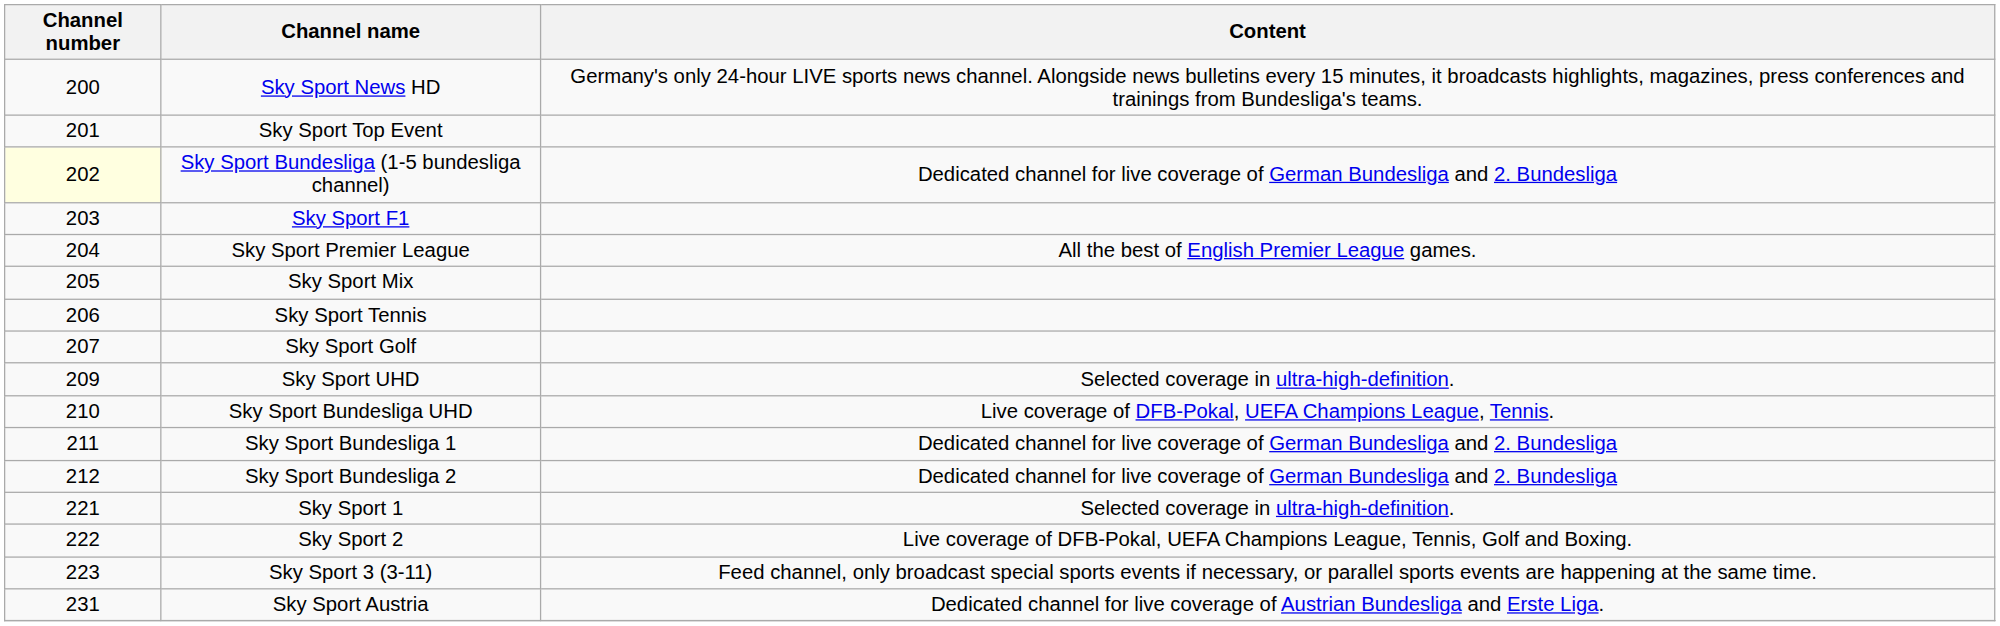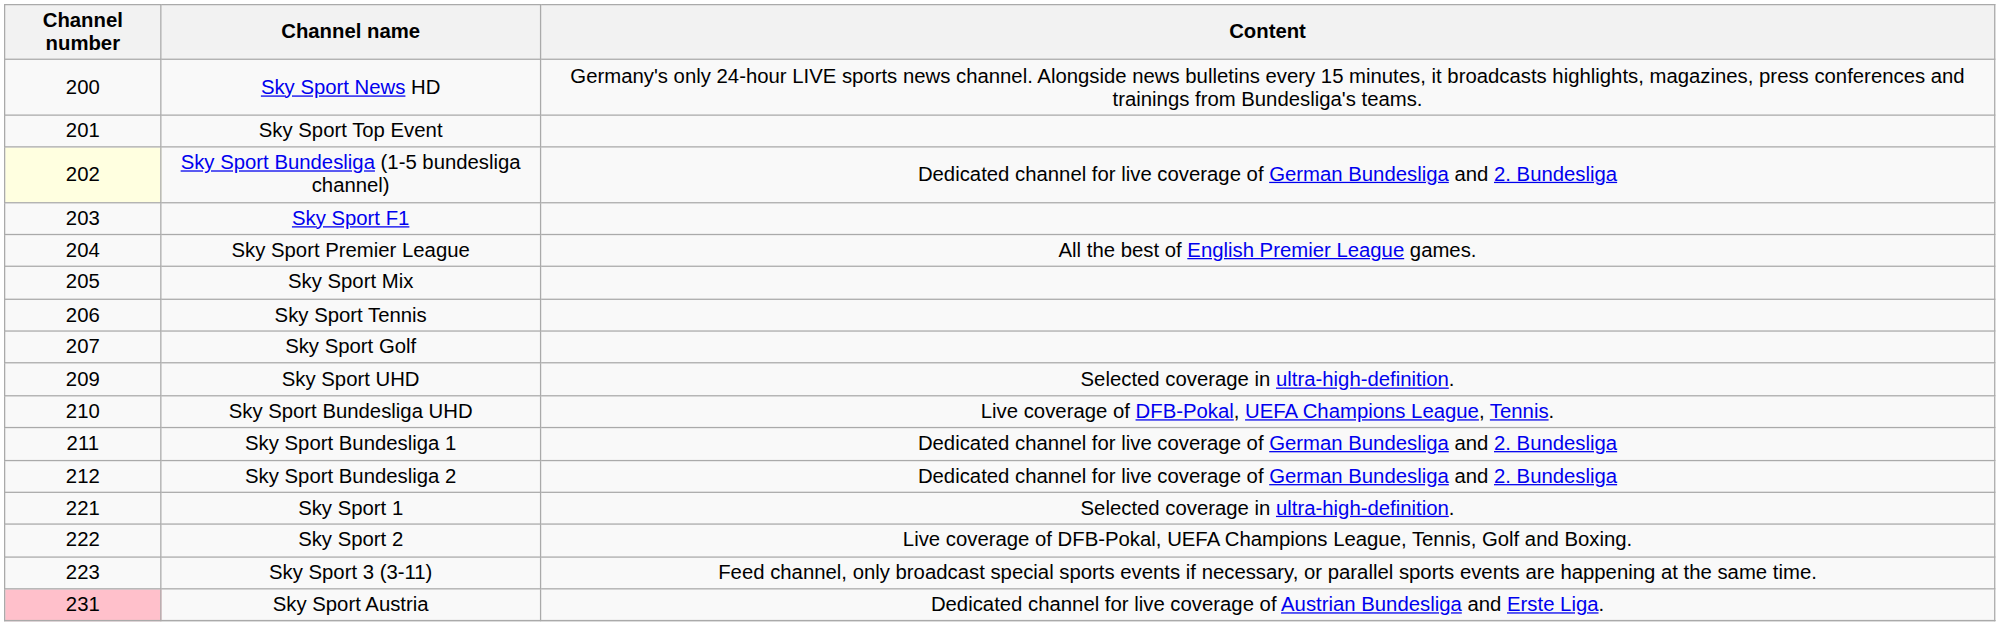 <table class="wikitable" style="text-align: center; style:text-align: center">
 <tr>
 <th>Channel number</th>
 <th>Channel name</th>
 <th>Content</th>
 </tr>
 <tr>
 <td>200</td>
 <td><a href='#'>Sky Sport News</a> HD</td>
 <td>Germany's only 24-hour LIVE sports news channel. Alongside news bulletins every 15 minutes, it broadcasts highlights, magazines, press conferences and trainings from Bundesliga's teams.</td>
 </tr>
 <tr>
 <td>201</td>
 <td>Sky Sport Top Event</td>
 <td></td>
 </tr>
 <tr>
 <td style="background: lightyellow;">202</td>
 <td><a href='#'>Sky Sport Bundesliga</a> (1-5 bundesliga channel)</td>
 <td>Dedicated channel for live coverage of <a href='#'>German Bundesliga</a> and <a href='#'>2. Bundesliga</a></td>
 </tr>
 <tr>
 <td>203</td>
 <td><a href='#'>Sky Sport F1</a></td>
 <td></td>
 </tr>
 <tr>
 <td>204</td>
 <td>Sky Sport Premier League</td>
 <td>All the best of <a href='#'>English Premier League</a> games.</td>
 </tr>
 <tr>
 <td>205</td>
 <td>Sky Sport Mix</td>
 <td></td>
 </tr>
 <tr>
 <td>206</td>
 <td>Sky Sport Tennis</td>
 <td></td>
 </tr>
 <tr>
 <td>207</td>
 <td>Sky Sport Golf</td>
 <td></td>
 </tr>
 <tr>
 <td>209</td>
 <td>Sky Sport UHD</td>
 <td>Selected coverage in <a href='#'>ultra-high-definition</a>.</td>
 </tr>
 <tr>
 <td>210</td>
 <td>Sky Sport Bundesliga UHD</td>
 <td>Live coverage of <a href='#'>DFB-Pokal</a>, <a href='#'>UEFA Champions League</a>, <a href='#'>Tennis</a>.</td>
 </tr>
 <tr>
 <td>211</td>
 <td>Sky Sport Bundesliga 1</td>
 <td>Dedicated channel for live coverage of <a href='#'>German Bundesliga</a> and <a href='#'>2. Bundesliga</a></td>
 </tr>
 <tr>
 <td>212</td>
 <td>Sky Sport Bundesliga 2</td>
 <td>Dedicated channel for live coverage of <a href='#'>German Bundesliga</a> and <a href='#'>2. Bundesliga</a></td>
 </tr>
 <tr>
 <td>221</td>
 <td>Sky Sport 1</td>
 <td>Selected coverage in <a href='#'>ultra-high-definition</a>.</td>
 </tr>
 <tr>
 <td>222</td>
 <td>Sky Sport 2</td>
 <td>Live coverage of DFB-Pokal, UEFA Champions League, Tennis, Golf and Boxing.</td>
 </tr>
 <tr>
 <td>223</td>
 <td>Sky Sport 3 (3-11)</td>
 <td>Feed channel, only broadcast special sports events if necessary, or parallel sports events are happening at the same time.</td>
 </tr>
 <tr>
-<td>231</td>
+<td style="background: pink;">231</td>
 <td>Sky Sport Austria</td>
 <td>Dedicated channel for live coverage of <a href='#'>Austrian Bundesliga</a> and <a href='#'>Erste Liga</a>.</td>
 </tr>
 <tr>
 </tr>
 </table>
